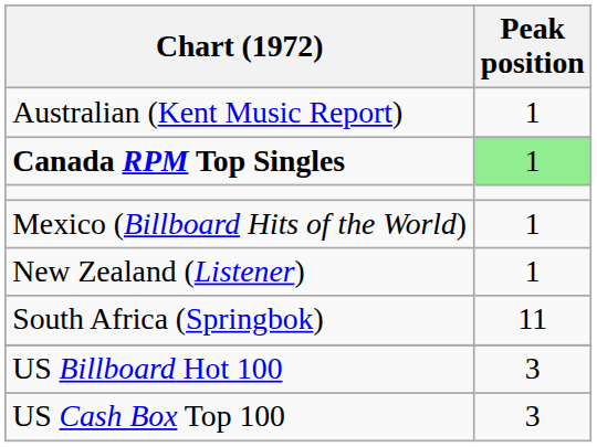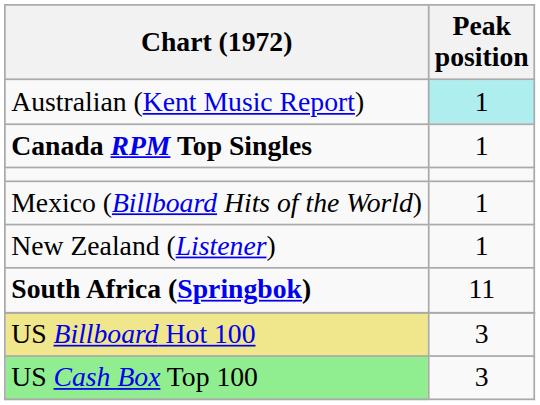 <table class="wikitable sortable">
 <tr>
 <th>Chart (1972)</th>
 <th>Peak<br>position</th>
 </tr>
 <tr>
 <td>Australian (<a href='#'>Kent Music Report</a>)</td>
-<td style="text-align:center;">1</td>
+<td style="background: paleturquoise; text-align:center;">1</td>
 </tr>
 <tr>
 <td><strong>Canada <em><a href='#'>RPM</a></em> Top Singles</strong></td>
-<td style="background: lightgreen; text-align:center;">1</td>
+<td style="text-align:center;">1</td>
 </tr>
 <tr>
 <td></td>
 </tr>
 <tr>
 <td>Mexico (<em><a href='#'>Billboard</a> Hits of the World</em>)</td>
 <td style="text-align:center;">1</td>
 </tr>
 <tr>
 <td>New Zealand (<em><a href='#'>Listener</a></em>)</td>
 <td style="text-align:center;">1</td>
 </tr>
 <tr>
-<td>South Africa (<a href='#'>Springbok</a>)</td>
+<td><strong>South Africa (<a href='#'>Springbok</a>)</strong></td>
 <td align="center">11</td>
 </tr>
 <tr>
 </tr>
 <tr>
-<td>US <a href='#'><em>Billboard</em> Hot 100</a></td>
+<td style="background: khaki;">US <a href='#'><em>Billboard</em> Hot 100</a></td>
 <td style="text-align:center;">3</td>
 </tr>
 <tr>
-<td>US <a href='#'><em>Cash Box</em></a> Top 100</td>
+<td style="background: lightgreen;">US <a href='#'><em>Cash Box</em></a> Top 100</td>
 <td align="center">3</td>
 </tr>
 </table>
